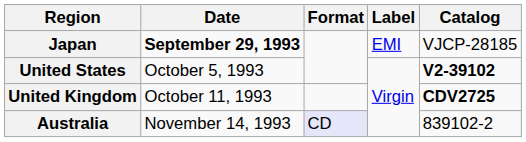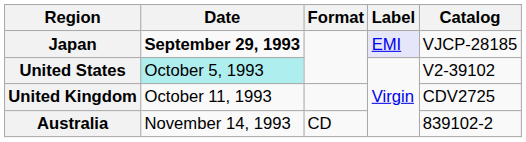 <table class="wikitable plainrowheaders">
 <tr>
 <th scope="col">Region</th>
 <th scope="col">Date</th>
 <th scope="col">Format</th>
 <th scope="col">Label</th>
 <th scope="col">Catalog</th>
 </tr>
 <tr>
 <th scope="row">Japan</th>
 <td><strong>September 29, 1993</strong></td>
 <td rowspan="2"></td>
-<td><a href='#'>EMI</a></td>
+<td style="background: lavender;"><a href='#'>EMI</a></td>
 <td>VJCP-28185</td>
 </tr>
 <tr>
 <th scope="row">United States</th>
-<td>October 5, 1993</td>
+<td style="background: paleturquoise;">October 5, 1993</td>
 <td rowspan="3"><a href='#'>Virgin</a></td>
-<td><strong>V2-39102</strong></td>
+<td>V2-39102</td>
 </tr>
 <tr>
 <th scope="row">United Kingdom</th>
 <td>October 11, 1993</td>
 <td></td>
-<td><strong>CDV2725</strong></td>
+<td>CDV2725</td>
 </tr>
 <tr>
 <th scope="row">Australia</th>
 <td>November 14, 1993</td>
-<td style="background: lavender;">CD</td>
+<td>CD</td>
 <td>839102-2</td>
 </tr>
 </table>
